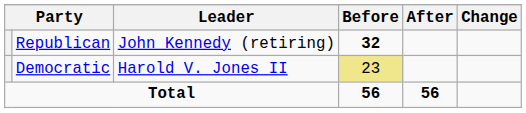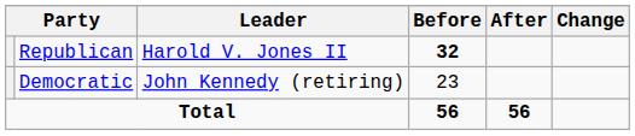 <table class="wikitable" style="text-align:center;">
 <tr>
 </tr>
 <tr>
 <th colspan="2">Party</th>
 <th>Leader</th>
 <th style="width:3em">Before</th>
 <th style="width:3em">After</th>
 <th style="width:3em">Change</th>
 </tr>
 <tr>
 <th style="background-color:"></th>
 <td style="text-align:left;"><a href='#'>Republican</a></td>
-<td style="text-align:left;"><a href='#'>John Kennedy</a> (retiring)</td>
+<td style="text-align:left;"><a href='#'>Harold V. Jones II</a></td>
 <td><strong>32</strong></td>
 <td></td>
 <td></td>
 </tr>
 <tr>
 <th style="background-color:"></th>
 <td style="text-align:left;"><a href='#'>Democratic</a></td>
-<td style="text-align:left;"><a href='#'>Harold V. Jones II</a></td>
-<td style="background: khaki;">23</td>
+<td style="text-align:left;"><a href='#'>John Kennedy</a> (retiring)</td>
+<td>23</td>
 <td></td>
 <td></td>
 </tr>
 <tr>
 <td colspan="3"><strong>Total</strong></td>
 <td><strong>56</strong></td>
 <td><strong>56</strong></td>
 <td></td>
 </tr>
 </table>
